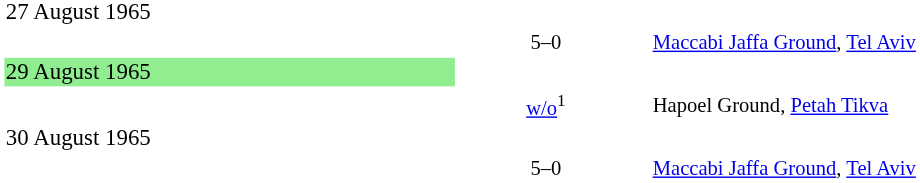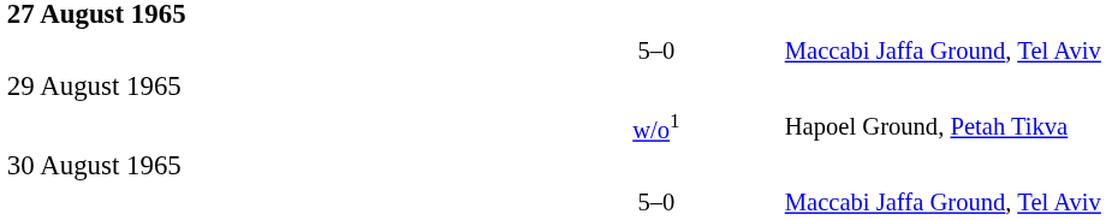 <table style="width:100%;" cellspacing="1">
 <tr>
 <th width=25%></th>
 <th width=10%></th>
 <th></th>
 </tr>
 <tr>
-<td>27 August 1965</td>
+<td><strong>27 August 1965</strong></td>
 </tr>
 <tr>
 </tr>
 <tr style=font-size:90%>
 <td align=right></td>
 <td align=center>5–0</td>
 <td></td>
 <td><a href='#'>Maccabi Jaffa Ground</a>, <a href='#'>Tel Aviv</a></td>
 </tr>
 <tr>
-<td style="background: lightgreen;">29 August 1965</td>
+<td>29 August 1965</td>
 </tr>
 <tr>
 </tr>
 <tr style=font-size:90%>
 <td align=right></td>
 <td align=center><a href='#'>w/o</a><sup>1</sup></td>
 <td></td>
 <td>Hapoel Ground, <a href='#'>Petah Tikva</a></td>
 </tr>
 <tr>
 <td>30 August 1965</td>
 </tr>
 <tr>
 </tr>
 <tr style=font-size:90%>
 <td align=right></td>
 <td align=center>5–0</td>
 <td></td>
 <td><a href='#'>Maccabi Jaffa Ground</a>, <a href='#'>Tel Aviv</a></td>
 </tr>
 </table>
